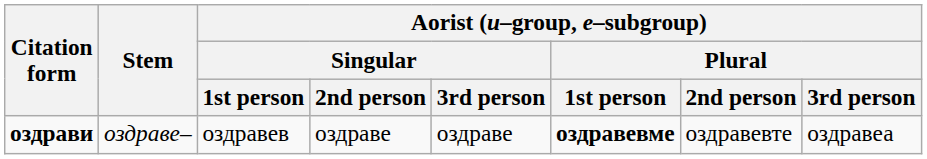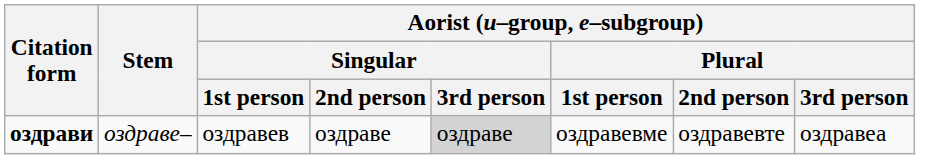 <table class="wikitable">
 <tr>
 <th rowspan="3">Citation<br>form</th>
 <th rowspan="3">Stem</th>
 <th colspan="6">Aorist (<em>и</em>–group, <em>е</em>–subgroup)</th>
 </tr>
 <tr>
 <th colspan="3">Singular</th>
 <th colspan="3">Plural</th>
 </tr>
 <tr>
 <th>1st person</th>
 <th>2nd person</th>
 <th>3rd person</th>
 <th>1st person</th>
 <th>2nd person</th>
 <th>3rd person</th>
 </tr>
 <tr>
 <td><strong>оздрави</strong></td>
 <td><em>оздраве–</em></td>
 <td>оздраве<span>в</span></td>
 <td>оздраве</td>
-<td>оздраве</td>
-<td><strong>оздраве<span>вме</span></strong></td>
+<td style="background: lightgrey;">оздраве</td>
+<td>оздраве<span>вме</span></td>
 <td>оздраве<span>вте</span></td>
 <td>оздраве<span>а</span></td>
 </tr>
 </table>
